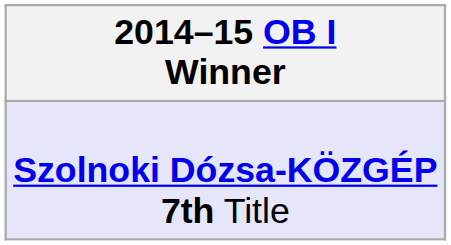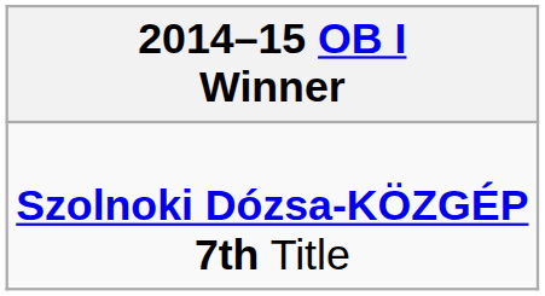 <table class=wikitable style="text-align:center; margin:auto">
 <tr>
 <th>2014–15 <a href='#'>OB I</a><br>Winner</th>
 </tr>
 <tr>
-<td style="background: lavender;"><br><strong><a href='#'>Szolnoki Dózsa-KÖZGÉP</a></strong><br><strong>7th</strong> Title</td>
+<td><br><strong><a href='#'>Szolnoki Dózsa-KÖZGÉP</a></strong><br><strong>7th</strong> Title</td>
 </tr>
 </table>
